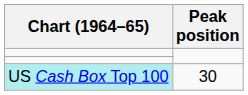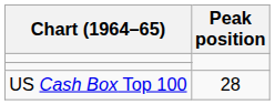 <table class="wikitable plainrowheaders sortable">
 <tr>
 <th align="left">Chart (1964–65)</th>
 <th align="center">Peak<br>position</th>
 </tr>
 <tr>
 <td></td>
 </tr>
 <tr>
 </tr>
 <tr>
 <td></td>
 </tr>
 <tr>
-<td scope="row" style="background: paleturquoise;">US <a href='#'><em>Cash Box</em> Top 100</a></td>
-<td align="center">30</td>
+<td scope="row">US <a href='#'><em>Cash Box</em> Top 100</a></td>
+<td align="center">28</td>
 </tr>
 </table>
